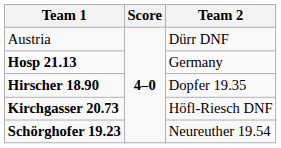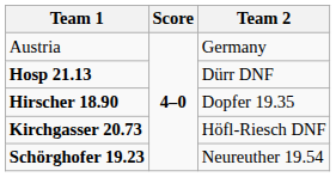 <table class="wikitable">
 <tr>
 <th>Team 1</th>
 <th>Score</th>
 <th>Team 2</th>
 </tr>
 <tr>
 <td> Austria</td>
 <td rowspan=5 align="center"><strong>4–0</strong></td>
-<td>Dürr DNF</td>
+<td> Germany</td>
 </tr>
 <tr>
 <td><strong>Hosp 21.13</strong></td>
-<td> Germany</td>
+<td>Dürr DNF</td>
 </tr>
 <tr>
 <td><strong>Hirscher 18.90</strong></td>
 <td>Dopfer 19.35</td>
 </tr>
 <tr>
 <td><strong>Kirchgasser 20.73</strong></td>
 <td>Höfl-Riesch DNF</td>
 </tr>
 <tr>
 <td><strong>Schörghofer 19.23</strong></td>
 <td>Neureuther 19.54</td>
 </tr>
 </table>
